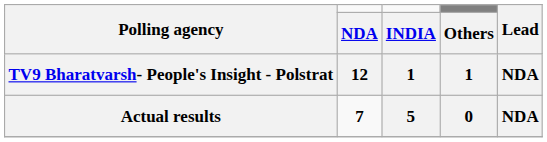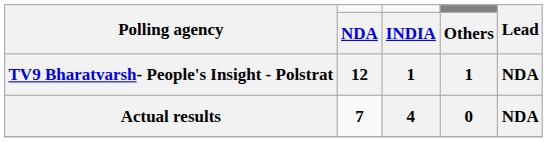 <table class="wikitable" style="text-align:center;font-size:95%;line-height:30px;">
 <tr>
 <th rowspan="2" class="wikitable">Polling agency</th>
 <td></td>
 <td></td>
 <td style="background:grey;"></td>
 <th rowspan="2">Lead</th>
 </tr>
 <tr>
 <th class="wikitable"><a href='#'>NDA</a></th>
 <th class="wikitable"><a href='#'>INDIA</a></th>
 <th class="wikitable">Others</th>
 </tr>
 <tr>
 <th><a href='#'>TV9 Bharatvarsh</a>- People's Insight - Polstrat</th>
 <th>12</th>
 <th>1</th>
 <th>1</th>
 <th>NDA</th>
 </tr>
 <tr>
 <th>Actual results</th>
 <td bgcolor=><strong>7</strong></td>
-<th>5</th>
+<th>4</th>
 <th>0</th>
 <th style="background:"><strong>NDA</strong></th>
 </tr>
 <tr>
 </tr>
 </table>
